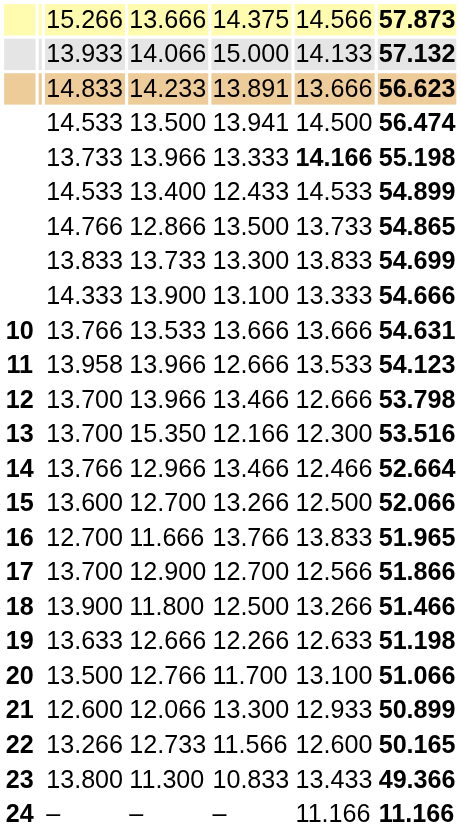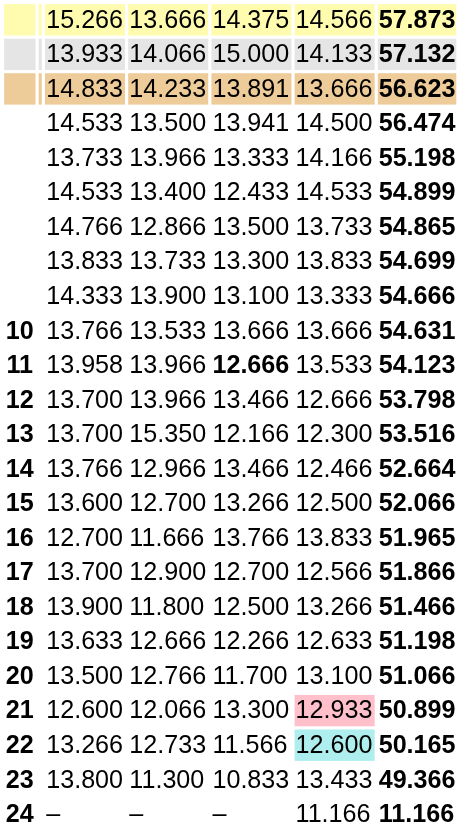 <table>
 <tr style="background:#fffcaf;">
 <th scope=row style="text-align:center"></th>
 <td align=left></td>
 <td>15.266</td>
 <td>13.666</td>
 <td>14.375</td>
 <td>14.566</td>
 <td><strong>57.873</strong></td>
 </tr>
 <tr style="background:#e5e5e5;">
 <th scope=row style="text-align:center"></th>
 <td align=left></td>
 <td>13.933</td>
 <td>14.066</td>
 <td>15.000</td>
 <td>14.133</td>
 <td><strong>57.132</strong></td>
 </tr>
 <tr style="background:#ec9;">
 <th scope=row style="text-align:center"></th>
 <td align=left></td>
 <td>14.833</td>
 <td>14.233</td>
 <td>13.891</td>
 <td>13.666</td>
 <td><strong>56.623</strong></td>
 </tr>
 <tr>
 <th scope=row style="text-align:center"></th>
 <td align=left></td>
 <td>14.533</td>
 <td>13.500</td>
 <td>13.941</td>
 <td>14.500</td>
 <td><strong>56.474</strong></td>
 </tr>
 <tr>
 <th scope=row style="text-align:center"></th>
 <td align=left></td>
 <td>13.733</td>
 <td>13.966</td>
 <td>13.333</td>
-<td><strong>14.166</strong></td>
+<td>14.166</td>
 <td><strong>55.198</strong></td>
 </tr>
 <tr>
 <th scope=row style="text-align:center"></th>
 <td align=left></td>
 <td>14.533</td>
 <td>13.400</td>
 <td>12.433</td>
 <td>14.533</td>
 <td><strong>54.899</strong></td>
 </tr>
 <tr>
 <th scope=row style="text-align:center"></th>
 <td align=left></td>
 <td>14.766</td>
 <td>12.866</td>
 <td>13.500</td>
 <td>13.733</td>
 <td><strong>54.865</strong></td>
 </tr>
 <tr>
 <th scope=row style="text-align:center"></th>
 <td align=left></td>
 <td>13.833</td>
 <td>13.733</td>
 <td>13.300</td>
 <td>13.833</td>
 <td><strong>54.699</strong></td>
 </tr>
 <tr>
 <th scope=row style="text-align:center"></th>
 <td align=left></td>
 <td>14.333</td>
 <td>13.900</td>
 <td>13.100</td>
 <td>13.333</td>
 <td><strong>54.666</strong></td>
 </tr>
 <tr>
 <th scope=row style="text-align:center">10</th>
 <td align=left></td>
 <td>13.766</td>
 <td>13.533</td>
 <td>13.666</td>
 <td>13.666</td>
 <td><strong>54.631</strong></td>
 </tr>
 <tr>
 <th scope=row style="text-align:center">11</th>
 <td align=left></td>
 <td>13.958</td>
 <td>13.966</td>
-<td>12.666</td>
+<td><strong>12.666</strong></td>
 <td>13.533</td>
 <td><strong>54.123</strong></td>
 </tr>
 <tr>
 <th scope=row style="text-align:center">12</th>
 <td align=left></td>
 <td>13.700</td>
 <td>13.966</td>
 <td>13.466</td>
 <td>12.666</td>
 <td><strong>53.798</strong></td>
 </tr>
 <tr>
 <th scope=row style="text-align:center">13</th>
 <td align=left></td>
 <td>13.700</td>
 <td>15.350</td>
 <td>12.166</td>
 <td>12.300</td>
 <td><strong>53.516</strong></td>
 </tr>
 <tr>
 <th scope=row style="text-align:center">14</th>
 <td align=left></td>
 <td>13.766</td>
 <td>12.966</td>
 <td>13.466</td>
 <td>12.466</td>
 <td><strong>52.664</strong></td>
 </tr>
 <tr>
 <th scope=row style="text-align:center">15</th>
 <td align=left></td>
 <td>13.600</td>
 <td>12.700</td>
 <td>13.266</td>
 <td>12.500</td>
 <td><strong>52.066</strong></td>
 </tr>
 <tr>
 <th scope=row style="text-align:center">16</th>
 <td align=left></td>
 <td>12.700</td>
 <td>11.666</td>
 <td>13.766</td>
 <td>13.833</td>
 <td><strong>51.965</strong></td>
 </tr>
 <tr>
 <th scope=row style="text-align:center">17</th>
 <td align=left></td>
 <td>13.700</td>
 <td>12.900</td>
 <td>12.700</td>
 <td>12.566</td>
 <td><strong>51.866</strong></td>
 </tr>
 <tr>
 <th scope=row style="text-align:center">18</th>
 <td align=left></td>
 <td>13.900</td>
 <td>11.800</td>
 <td>12.500</td>
 <td>13.266</td>
 <td><strong>51.466</strong></td>
 </tr>
 <tr>
 <th scope=row style="text-align:center">19</th>
 <td align=left></td>
 <td>13.633</td>
 <td>12.666</td>
 <td>12.266</td>
 <td>12.633</td>
 <td><strong>51.198</strong></td>
 </tr>
 <tr>
 <th scope=row style="text-align:center">20</th>
 <td align=left></td>
 <td>13.500</td>
 <td>12.766</td>
 <td>11.700</td>
 <td>13.100</td>
 <td><strong>51.066</strong></td>
 </tr>
 <tr>
 <th scope=row style="text-align:center">21</th>
 <td align=left></td>
 <td>12.600</td>
 <td>12.066</td>
 <td>13.300</td>
-<td>12.933</td>
+<td style="background: pink;">12.933</td>
 <td><strong>50.899</strong></td>
 </tr>
 <tr>
 <th scope=row style="text-align:center">22</th>
 <td align=left></td>
 <td>13.266</td>
 <td>12.733</td>
 <td>11.566</td>
-<td>12.600</td>
+<td style="background: paleturquoise;">12.600</td>
 <td><strong>50.165</strong></td>
 </tr>
 <tr>
 <th scope=row style="text-align:center">23</th>
 <td align=left></td>
 <td>13.800</td>
 <td>11.300</td>
 <td>10.833</td>
 <td>13.433</td>
 <td><strong>49.366</strong></td>
 </tr>
 <tr>
 <th scope=row style="text-align:center">24</th>
 <td align=left></td>
 <td>–</td>
 <td>–</td>
 <td>–</td>
 <td>11.166</td>
 <td><strong>11.166</strong></td>
 </tr>
 </table>
